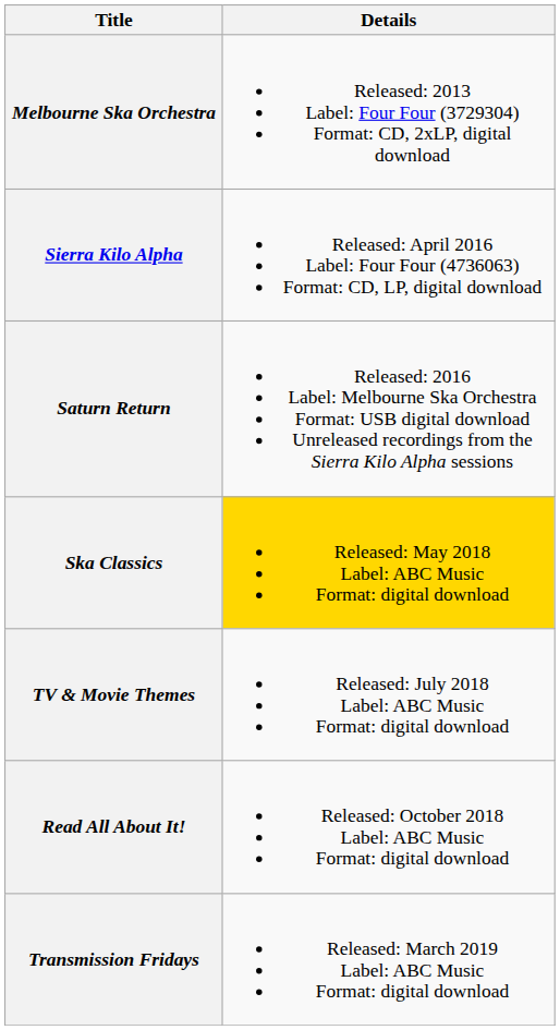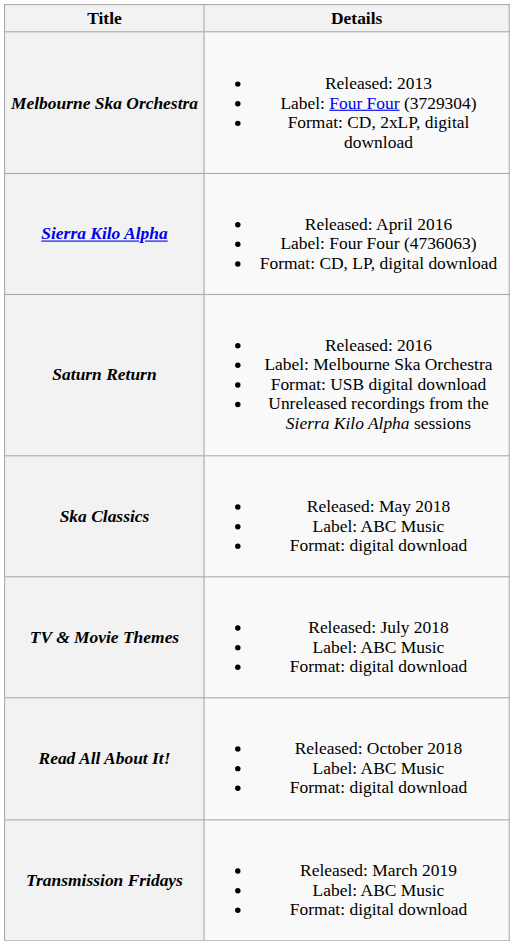 <table class="wikitable plainrowheaders" style="text-align:center;" border="1">
 <tr>
 <th scope="col" style="width:11em;">Title</th>
 <th scope="col" style="width:17em;">Details</th>
 </tr>
 <tr>
 <th scope="row"><em>Melbourne Ska Orchestra</em></th>
 <td><br><ul><li>Released: 2013</li><li>Label: <a href='#'>Four Four</a> (3729304)</li><li>Format: CD, 2xLP, digital download</li></ul></td>
 </tr>
 <tr>
 <th scope="row"><em><a href='#'>Sierra Kilo Alpha</a></em></th>
 <td><br><ul><li>Released: April 2016</li><li>Label: Four Four (4736063)</li><li>Format: CD, LP, digital download</li></ul></td>
 </tr>
 <tr>
 <th scope="row"><em>Saturn Return</em></th>
 <td><br><ul><li>Released: 2016</li><li>Label: Melbourne Ska Orchestra</li><li>Format: USB digital download</li><li>Unreleased recordings from the <em>Sierra Kilo Alpha</em> sessions</li></ul></td>
 </tr>
 <tr>
 <th scope="row"><em>Ska Classics</em></th>
-<td style="background: gold;"><br><ul><li>Released: May 2018</li><li>Label: ABC Music</li><li>Format: digital download</li></ul></td>
+<td><br><ul><li>Released: May 2018</li><li>Label: ABC Music</li><li>Format: digital download</li></ul></td>
 </tr>
 <tr>
 <th scope="row"><em>TV & Movie Themes</em></th>
 <td><br><ul><li>Released: July 2018</li><li>Label: ABC Music</li><li>Format: digital download</li></ul></td>
 </tr>
 <tr>
 <th scope="row"><em>Read All About It!</em></th>
 <td><br><ul><li>Released: October 2018</li><li>Label: ABC Music</li><li>Format: digital download</li></ul></td>
 </tr>
 <tr>
 <th scope="row"><em>Transmission Fridays</em></th>
 <td><br><ul><li>Released: March 2019</li><li>Label: ABC Music</li><li>Format: digital download</li></ul></td>
 </tr>
 </table>
